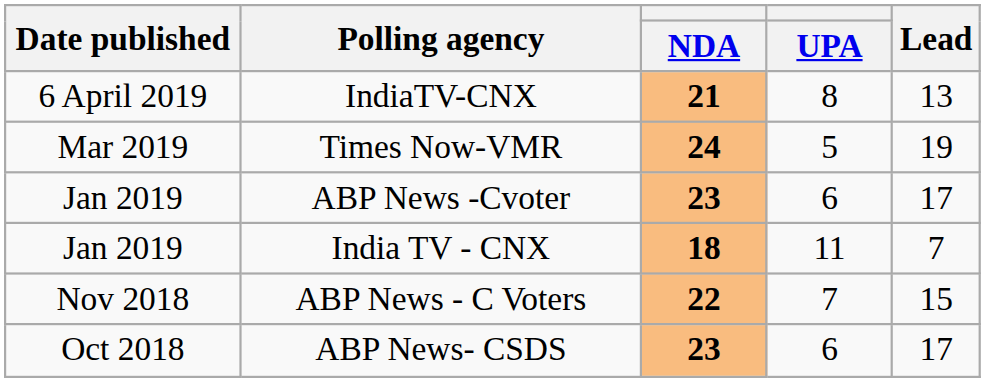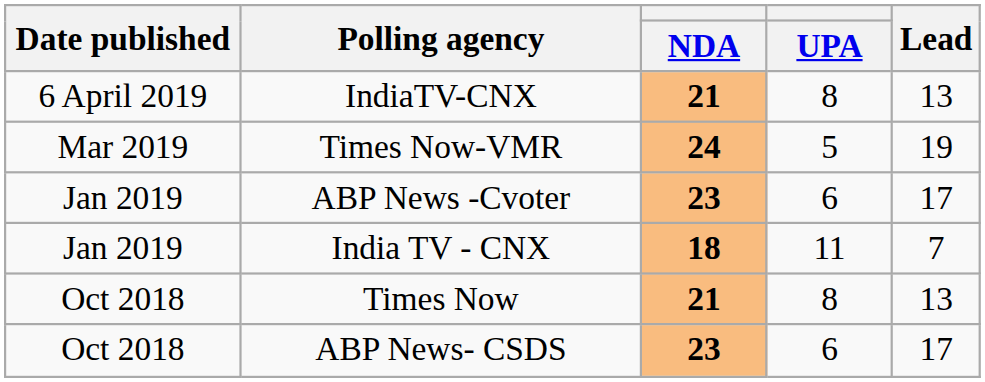 <table class="wikitable sortable" style="text-align:center;font-size:95%;line-height:16px">
 <tr>
 <th rowspan="2" width="100px">Date published</th>
 <th rowspan="2" width="175px">Polling agency</th>
 <th style="background:"></th>
 <th style="background:"></th>
 <th rowspan="2">Lead</th>
 </tr>
 <tr>
 <th width="50px" class="unsortable"><a href='#'>NDA</a></th>
 <th width="50px" class="unsortable"><a href='#'>UPA</a></th>
 </tr>
 <tr>
 <td>6 April 2019</td>
 <td>IndiaTV-CNX</td>
 <td style="background:#F9BC7F"><strong>21</strong></td>
 <td>8</td>
 <td style="background:"><span>13</span></td>
 </tr>
 <tr>
 <td>Mar 2019</td>
 <td>Times Now-VMR</td>
 <td style="background:#F9BC7F"><strong>24</strong></td>
 <td>5</td>
 <td style="background:"><span>19</span></td>
 </tr>
 <tr>
 <td>Jan 2019</td>
 <td>ABP News -Cvoter</td>
 <td style="background:#F9BC7F"><strong>23</strong></td>
 <td>6</td>
 <td style="background:"><span>17</span></td>
 </tr>
 <tr>
 <td>Jan 2019</td>
 <td>India TV - CNX</td>
 <td style="background:#F9BC7F"><strong>18</strong></td>
 <td>11</td>
 <td style="background:"><span>7</span></td>
 </tr>
 <tr>
-<td>Nov 2018</td>
-<td>ABP News - C Voters</td>
-<td style="background:#F9BC7F"><strong>22</strong></td>
-<td>7</td>
-<td style="background:"><span>15</span></td>
+<td>Oct 2018</td>
+<td>Times Now</td>
+<td style="background:#F9BC7F"><strong>21</strong></td>
+<td>8</td>
+<td style="background:"><span>13</span></td>
 </tr>
 <tr>
 <td>Oct 2018</td>
 <td>ABP News- CSDS</td>
 <td style="background:#F9BC7F"><strong>23</strong></td>
 <td>6</td>
 <td style="background:"><span>17</span></td>
 </tr>
 </table>
